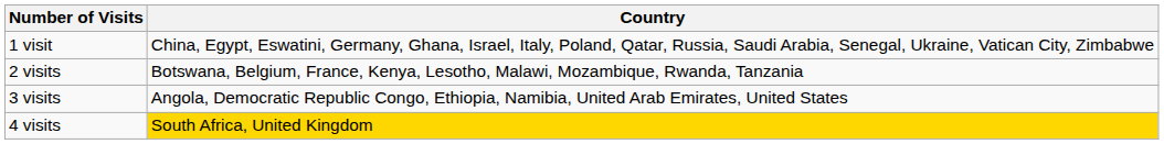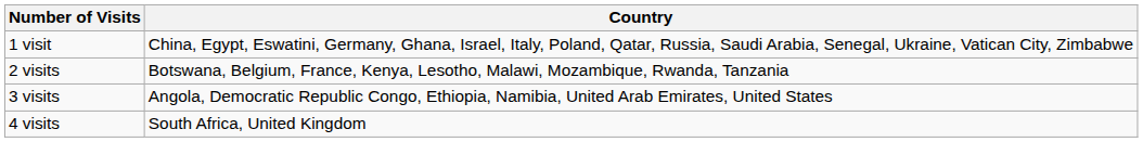 <table class="wikitable">
 <tr>
 <th>Number of Visits</th>
 <th>Country</th>
 </tr>
 <tr>
 <td>1 visit</td>
 <td>China, Egypt, Eswatini, Germany, Ghana, Israel, Italy, Poland, Qatar, Russia, Saudi Arabia, Senegal, Ukraine, Vatican City, Zimbabwe</td>
 </tr>
 <tr>
 <td>2 visits</td>
 <td>Botswana, Belgium, France, Kenya, Lesotho, Malawi, Mozambique, Rwanda, Tanzania</td>
 </tr>
 <tr>
 <td>3 visits</td>
 <td>Angola, Democratic Republic Congo, Ethiopia, Namibia, United Arab Emirates, United States</td>
 </tr>
 <tr>
 <td>4 visits</td>
-<td style="background: gold;">South Africa, United Kingdom</td>
+<td>South Africa, United Kingdom</td>
 </tr>
 </table>
